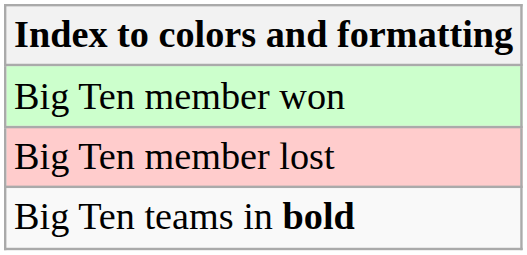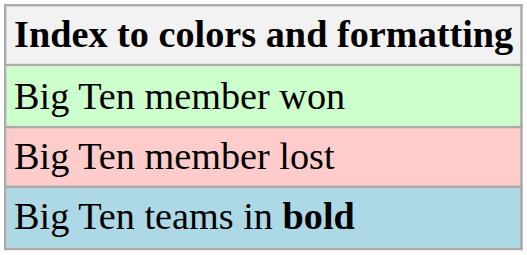 <table class="wikitable">
 <tr>
 <th>Index to colors and formatting</th>
 </tr>
 <tr style="background:#cfc;">
 <td>Big Ten member won</td>
 </tr>
 <tr style="background:#fcc;">
 <td>Big Ten member lost</td>
 </tr>
 <tr>
-<td>Big Ten teams in <strong>bold</strong></td>
+<td style="background: lightblue;">Big Ten teams in <strong>bold</strong></td>
 </tr>
 </table>
